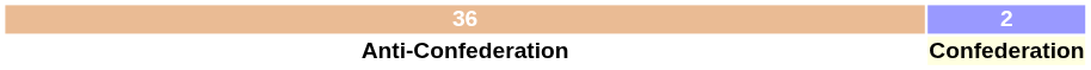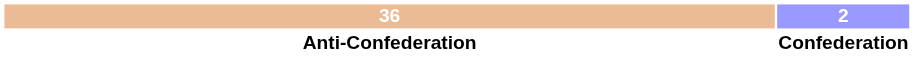 <table style="width:60%; text-align:center;">
 <tr style="color:white;">
 <td style="background:#EABB94; width:94.74%;"><strong>36</strong></td>
 <td style="background:#9999FF; width:5.26%;"><strong>2</strong></td>
 </tr>
 <tr>
 <td><span><strong>Anti-Confederation</strong></span></td>
-<td style="background: lightyellow;"><span><strong>Confederation</strong></span></td>
+<td><span><strong>Confederation</strong></span></td>
 </tr>
 </table>
